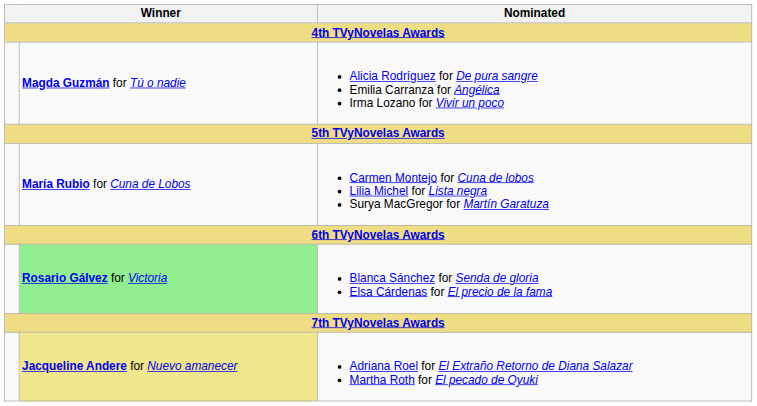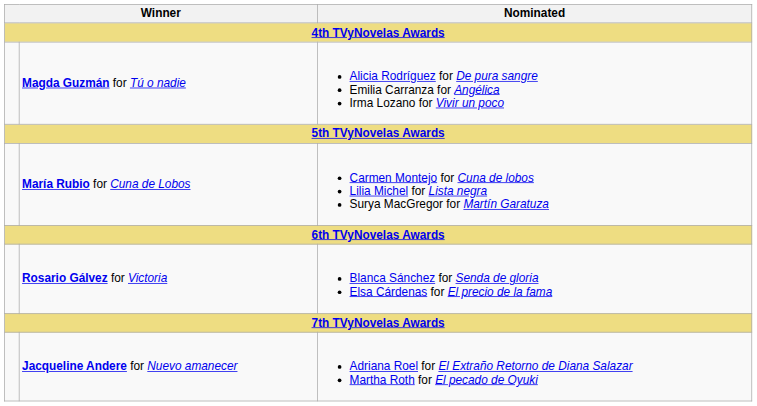 <table class="wikitable" width=80%>
 <tr align=center>
 <th width="150px;" colspan=2; align="center">Winner</th>
 <th width="580px;" align="center">Nominated</th>
 </tr>
 <tr>
 <th colspan=9 style="background:#EEDD82;"  align="center"><strong><a href='#'>4th TVyNovelas Awards</a></strong></th>
 </tr>
 <tr>
 <td width=2%></td>
 <td><strong><a href='#'>Magda Guzmán</a></strong> for <em><a href='#'>Tú o nadie</a></em></td>
 <td><br><ul><li><a href='#'>Alicia Rodríguez</a> for <em><a href='#'>De pura sangre</a></em></li><li>Emilia Carranza for <em><a href='#'>Angélica</a></em></li><li>Irma Lozano for <em><a href='#'>Vivir un poco</a></em></li></ul></td>
 </tr>
 <tr>
 <th colspan=9 style="background:#EEDD82;"  align="center"><strong><a href='#'>5th TVyNovelas Awards</a></strong></th>
 </tr>
 <tr>
 <td width=2%></td>
 <td><strong><a href='#'>María Rubio</a></strong> for <em><a href='#'>Cuna de Lobos</a></em></td>
 <td><br><ul><li><a href='#'>Carmen Montejo</a> for <em><a href='#'>Cuna de lobos</a></em></li><li><a href='#'>Lilia Michel</a> for <em><a href='#'>Lista negra</a></em></li><li>Surya MacGregor for <em><a href='#'>Martín Garatuza</a></em></li></ul></td>
 </tr>
 <tr>
 <th colspan=9 style="background:#EEDD82;"  align="center"><strong><a href='#'>6th TVyNovelas Awards</a></strong></th>
 </tr>
 <tr>
 <td width=2%></td>
-<td style="background: lightgreen;"><strong><a href='#'>Rosario Gálvez</a></strong> for <em><a href='#'>Victoria</a></em></td>
+<td><strong><a href='#'>Rosario Gálvez</a></strong> for <em><a href='#'>Victoria</a></em></td>
 <td><br><ul><li><a href='#'>Blanca Sánchez</a> for <em><a href='#'>Senda de gloria</a></em></li><li><a href='#'>Elsa Cárdenas</a> for <em><a href='#'>El precio de la fama</a></em></li></ul></td>
 </tr>
 <tr>
 <th colspan=9 style="background:#EEDD82;"  align="center"><strong><a href='#'>7th TVyNovelas Awards</a></strong></th>
 </tr>
 <tr>
 <td width=2%></td>
-<td style="background: khaki;"><strong><a href='#'>Jacqueline Andere</a></strong> for <em><a href='#'>Nuevo amanecer</a></em></td>
+<td><strong><a href='#'>Jacqueline Andere</a></strong> for <em><a href='#'>Nuevo amanecer</a></em></td>
 <td><br><ul><li><a href='#'>Adriana Roel</a> for <em><a href='#'>El Extraño Retorno de Diana Salazar</a></em></li><li><a href='#'>Martha Roth</a> for <em><a href='#'>El pecado de Oyuki</a></em></li></ul></td>
 </tr>
 </table>
